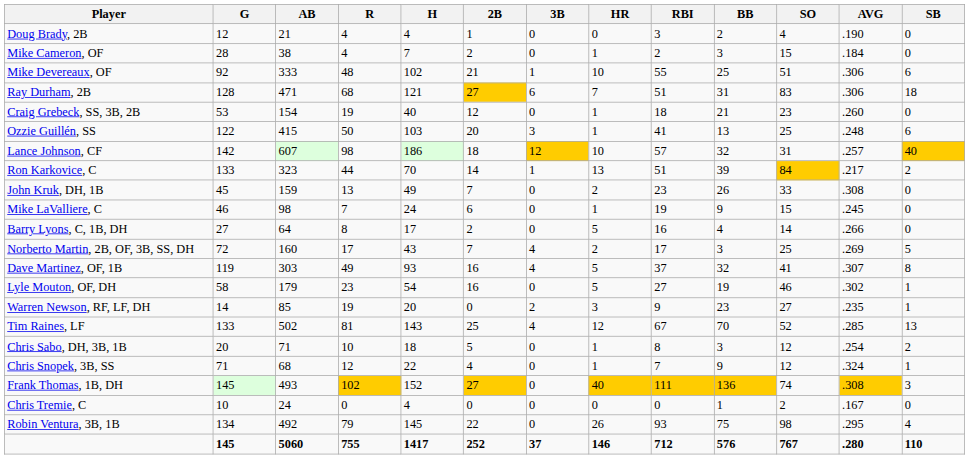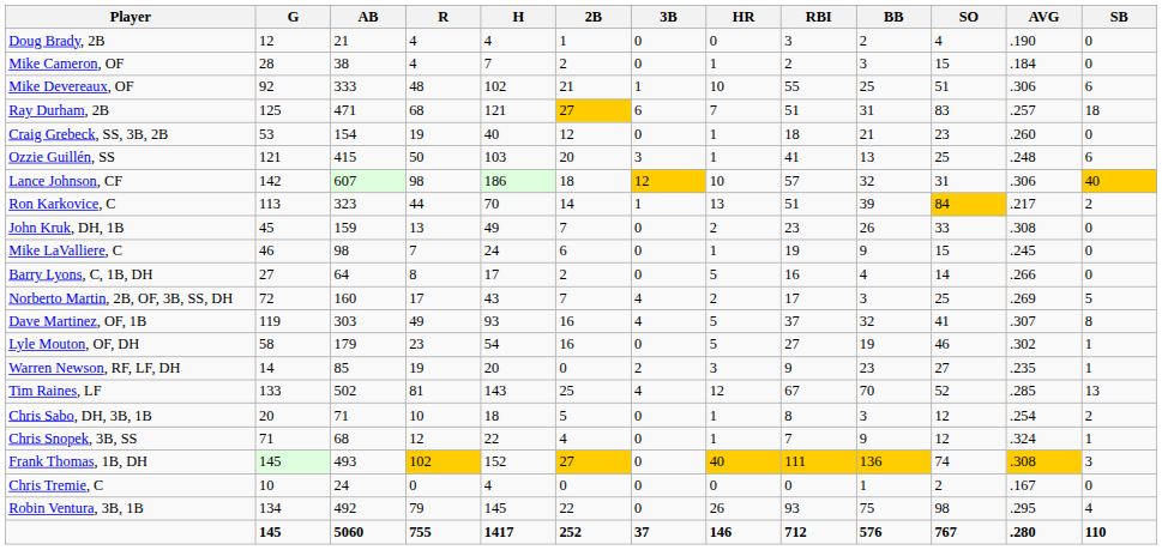 <table class="wikitable sortable">
 <tr>
 <th bgcolor="#DDDDFF" width="20%">Player</th>
 <th bgcolor="#DDDDFF" width="6%">G</th>
 <th bgcolor="#DDDDFF" width="6%">AB</th>
 <th bgcolor="#DDDDFF" width="6%">R</th>
 <th bgcolor="#DDDDFF" width="6%">H</th>
 <th bgcolor="#DDDDFF" width="6%">2B</th>
 <th bgcolor="#DDDDFF" width="6%">3B</th>
 <th bgcolor="#DDDDFF" width="6%">HR</th>
 <th bgcolor="#DDDDFF" width="6%">RBI</th>
 <th bgcolor="#DDDDFF" width="6%">BB</th>
 <th bgcolor="#DDDDFF" width="6%">SO</th>
 <th bgcolor="#DDDDFF" width="6%">AVG</th>
 <th bgcolor="#DDDDFF" width="6%">SB</th>
 </tr>
 <tr>
 <td><a href='#'>Doug Brady</a>, 2B</td>
 <td>12</td>
 <td>21</td>
 <td>4</td>
 <td>4</td>
 <td>1</td>
 <td>0</td>
 <td>0</td>
 <td>3</td>
 <td>2</td>
 <td>4</td>
 <td>.190</td>
 <td>0</td>
 </tr>
 <tr>
 <td><a href='#'>Mike Cameron</a>, OF</td>
 <td>28</td>
 <td>38</td>
 <td>4</td>
 <td>7</td>
 <td>2</td>
 <td>0</td>
 <td>1</td>
 <td>2</td>
 <td>3</td>
 <td>15</td>
 <td>.184</td>
 <td>0</td>
 </tr>
 <tr>
 <td><a href='#'>Mike Devereaux</a>, OF</td>
 <td>92</td>
 <td>333</td>
 <td>48</td>
 <td>102</td>
 <td>21</td>
 <td>1</td>
 <td>10</td>
 <td>55</td>
 <td>25</td>
 <td>51</td>
 <td>.306</td>
 <td>6</td>
 </tr>
 <tr>
 <td><a href='#'>Ray Durham</a>, 2B</td>
-<td>128</td>
+<td>125</td>
 <td>471</td>
 <td>68</td>
 <td>121</td>
 <td style="background:#fc0;">27</td>
 <td>6</td>
 <td>7</td>
 <td>51</td>
 <td>31</td>
 <td>83</td>
-<td>.306</td>
+<td>.257</td>
 <td>18</td>
 </tr>
 <tr>
 <td><a href='#'>Craig Grebeck</a>, SS, 3B, 2B</td>
 <td>53</td>
 <td>154</td>
 <td>19</td>
 <td>40</td>
 <td>12</td>
 <td>0</td>
 <td>1</td>
 <td>18</td>
 <td>21</td>
 <td>23</td>
 <td>.260</td>
 <td>0</td>
 </tr>
 <tr>
 <td><a href='#'>Ozzie Guillén</a>, SS</td>
-<td>122</td>
+<td>121</td>
 <td>415</td>
 <td>50</td>
 <td>103</td>
 <td>20</td>
 <td>3</td>
 <td>1</td>
 <td>41</td>
 <td>13</td>
 <td>25</td>
 <td>.248</td>
 <td>6</td>
 </tr>
 <tr>
 <td><a href='#'>Lance Johnson</a>, CF</td>
 <td>142</td>
 <td style="background:#DDFFDD;">607</td>
 <td>98</td>
 <td style="background:#DDFFDD;">186</td>
 <td>18</td>
 <td style="background:#fc0;">12</td>
 <td>10</td>
 <td>57</td>
 <td>32</td>
 <td>31</td>
-<td>.257</td>
+<td>.306</td>
 <td style="background:#fc0;">40</td>
 </tr>
 <tr>
 <td><a href='#'>Ron Karkovice</a>, C</td>
-<td>133</td>
+<td>113</td>
 <td>323</td>
 <td>44</td>
 <td>70</td>
 <td>14</td>
 <td>1</td>
 <td>13</td>
 <td>51</td>
 <td>39</td>
 <td style="background:#fc0;">84</td>
 <td>.217</td>
 <td>2</td>
 </tr>
 <tr>
 <td><a href='#'>John Kruk</a>, DH, 1B</td>
 <td>45</td>
 <td>159</td>
 <td>13</td>
 <td>49</td>
 <td>7</td>
 <td>0</td>
 <td>2</td>
 <td>23</td>
 <td>26</td>
 <td>33</td>
 <td>.308</td>
 <td>0</td>
 </tr>
 <tr>
 <td><a href='#'>Mike LaValliere</a>, C</td>
 <td>46</td>
 <td>98</td>
 <td>7</td>
 <td>24</td>
 <td>6</td>
 <td>0</td>
 <td>1</td>
 <td>19</td>
 <td>9</td>
 <td>15</td>
 <td>.245</td>
 <td>0</td>
 </tr>
 <tr>
 <td><a href='#'>Barry Lyons</a>, C, 1B, DH</td>
 <td>27</td>
 <td>64</td>
 <td>8</td>
 <td>17</td>
 <td>2</td>
 <td>0</td>
 <td>5</td>
 <td>16</td>
 <td>4</td>
 <td>14</td>
 <td>.266</td>
 <td>0</td>
 </tr>
 <tr>
 <td><a href='#'>Norberto Martin</a>, 2B, OF, 3B, SS, DH</td>
 <td>72</td>
 <td>160</td>
 <td>17</td>
 <td>43</td>
 <td>7</td>
 <td>4</td>
 <td>2</td>
 <td>17</td>
 <td>3</td>
 <td>25</td>
 <td>.269</td>
 <td>5</td>
 </tr>
 <tr>
 <td><a href='#'>Dave Martinez</a>, OF, 1B</td>
 <td>119</td>
 <td>303</td>
 <td>49</td>
 <td>93</td>
 <td>16</td>
 <td>4</td>
 <td>5</td>
 <td>37</td>
 <td>32</td>
 <td>41</td>
 <td>.307</td>
 <td>8</td>
 </tr>
 <tr>
 <td><a href='#'>Lyle Mouton</a>, OF, DH</td>
 <td>58</td>
 <td>179</td>
 <td>23</td>
 <td>54</td>
 <td>16</td>
 <td>0</td>
 <td>5</td>
 <td>27</td>
 <td>19</td>
 <td>46</td>
 <td>.302</td>
 <td>1</td>
 </tr>
 <tr>
 <td><a href='#'>Warren Newson</a>, RF, LF, DH</td>
 <td>14</td>
 <td>85</td>
 <td>19</td>
 <td>20</td>
 <td>0</td>
 <td>2</td>
 <td>3</td>
 <td>9</td>
 <td>23</td>
 <td>27</td>
 <td>.235</td>
 <td>1</td>
 </tr>
 <tr>
 <td><a href='#'>Tim Raines</a>, LF</td>
 <td>133</td>
 <td>502</td>
 <td>81</td>
 <td>143</td>
 <td>25</td>
 <td>4</td>
 <td>12</td>
 <td>67</td>
 <td>70</td>
 <td>52</td>
 <td>.285</td>
 <td>13</td>
 </tr>
 <tr>
 <td><a href='#'>Chris Sabo</a>, DH, 3B, 1B</td>
 <td>20</td>
 <td>71</td>
 <td>10</td>
 <td>18</td>
 <td>5</td>
 <td>0</td>
 <td>1</td>
 <td>8</td>
 <td>3</td>
 <td>12</td>
 <td>.254</td>
 <td>2</td>
 </tr>
 <tr>
 <td><a href='#'>Chris Snopek</a>, 3B, SS</td>
 <td>71</td>
 <td>68</td>
 <td>12</td>
 <td>22</td>
 <td>4</td>
 <td>0</td>
 <td>1</td>
 <td>7</td>
 <td>9</td>
 <td>12</td>
 <td>.324</td>
 <td>1</td>
 </tr>
 <tr>
 <td><a href='#'>Frank Thomas</a>, 1B, DH</td>
 <td style="background:#DDFFDD;">145</td>
 <td>493</td>
 <td style="background:#fc0;">102</td>
 <td>152</td>
 <td style="background:#fc0;">27</td>
 <td>0</td>
 <td style="background:#fc0;">40</td>
 <td style="background:#fc0;">111</td>
 <td style="background:#fc0;">136</td>
 <td>74</td>
 <td style="background:#fc0;">.308</td>
 <td>3</td>
 </tr>
 <tr>
 <td><a href='#'>Chris Tremie</a>, C</td>
 <td>10</td>
 <td>24</td>
 <td>0</td>
 <td>4</td>
 <td>0</td>
 <td>0</td>
 <td>0</td>
 <td>0</td>
 <td>1</td>
 <td>2</td>
 <td>.167</td>
 <td>0</td>
 </tr>
 <tr>
 <td><a href='#'>Robin Ventura</a>, 3B, 1B</td>
 <td>134</td>
 <td>492</td>
 <td>79</td>
 <td>145</td>
 <td>22</td>
 <td>0</td>
 <td>26</td>
 <td>93</td>
 <td>75</td>
 <td>98</td>
 <td>.295</td>
 <td>4</td>
 </tr>
 <tr class="sortbottom">
 <td></td>
 <td><strong>145</strong></td>
 <td><strong>5060</strong></td>
 <td><strong>755</strong></td>
 <td><strong>1417</strong></td>
 <td><strong>252</strong></td>
 <td><strong>37</strong></td>
 <td><strong>146</strong></td>
 <td><strong>712</strong></td>
 <td><strong>576</strong></td>
 <td><strong>767</strong></td>
 <td><strong>.280</strong></td>
 <td><strong>110</strong></td>
 </tr>
 </table>
